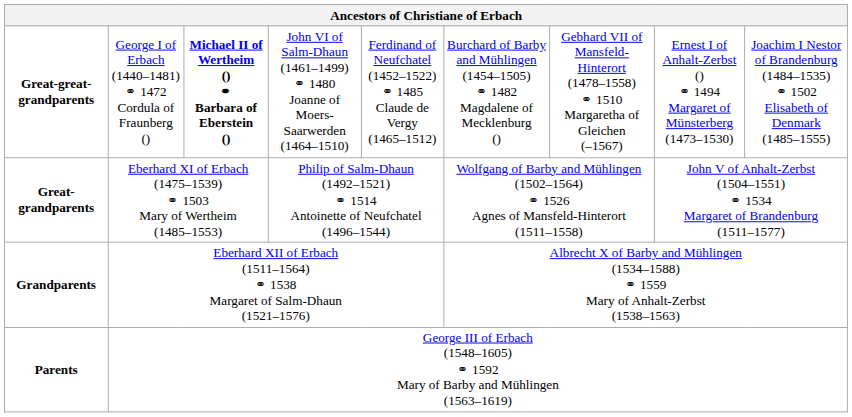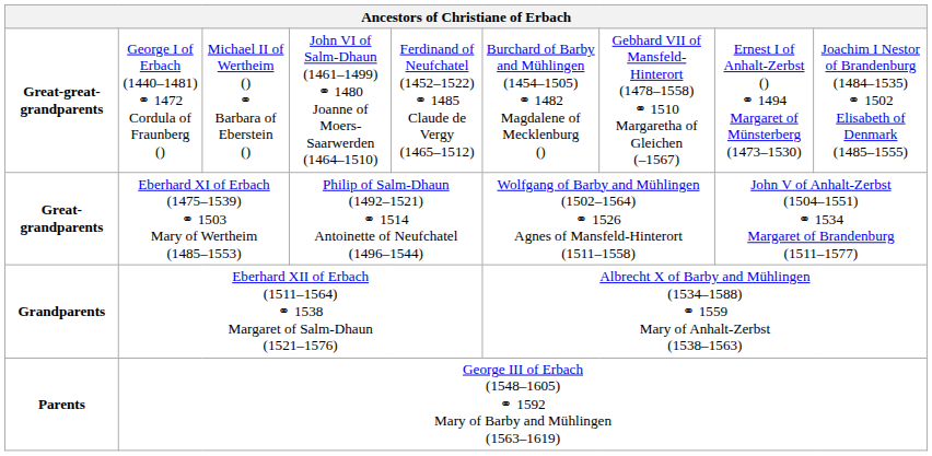 <table class="wikitable" style="background:#FFFFFF; font-size:85%; text-align:center">
 <tr bgcolor="#E0E0E0">
 <th colspan="9">Ancestors of Christiane of Erbach</th>
 </tr>
 <tr>
 <td><strong>Great-great-grandparents</strong></td>
 <td colspan="1"><a href='#'>George I of Erbach</a><br>(1440–1481)<br>⚭ 1472<br>Cordula of Fraunberg<br>()</td>
-<td colspan="1"><strong><a href='#'>Michael II of Wertheim</a><br>()<br>⚭ <br>Barbara of Eberstein<br>()</strong></td>
+<td colspan="1"><a href='#'>Michael II of Wertheim</a><br>()<br>⚭ <br>Barbara of Eberstein<br>()</td>
 <td colspan="1"><a href='#'>John VI of Salm-Dhaun</a><br>(1461–1499)<br>⚭ 1480<br>Joanne of Moers-Saarwerden<br>(1464–1510)</td>
 <td colspan="1"><a href='#'>Ferdinand of Neufchatel</a><br>(1452–1522)<br>⚭ 1485<br>Claude de Vergy<br>(1465–1512)</td>
 <td colspan="1"><a href='#'>Burchard of Barby and Mühlingen</a><br>(1454–1505)<br>⚭ 1482<br>Magdalene of Mecklenburg<br>()</td>
 <td colspan="1"><a href='#'>Gebhard VII of Mansfeld-Hinterort</a><br>(1478–1558)<br>⚭ 1510<br>Margaretha of Gleichen<br>(–1567)</td>
 <td colspan="1"><a href='#'>Ernest I of Anhalt-Zerbst</a><br>()<br>⚭ 1494<br><a href='#'>Margaret of Münsterberg</a><br>(1473–1530)</td>
 <td colspan="1"><a href='#'>Joachim I Nestor of Brandenburg</a><br>(1484–1535)<br>⚭ 1502<br><a href='#'>Elisabeth of Denmark</a><br>(1485–1555)</td>
 </tr>
 <tr>
 <td><strong>Great-grandparents</strong></td>
 <td colspan="2"><a href='#'>Eberhard XI of Erbach</a><br>(1475–1539)<br>⚭ 1503<br>Mary of Wertheim<br>(1485–1553)</td>
 <td colspan="2"><a href='#'>Philip of Salm-Dhaun</a><br>(1492–1521)<br>⚭ 1514<br>Antoinette of Neufchatel<br>(1496–1544)</td>
 <td colspan="2"><a href='#'>Wolfgang of Barby and Mühlingen</a><br>(1502–1564)<br>⚭ 1526<br>Agnes of Mansfeld-Hinterort<br>(1511–1558)</td>
 <td colspan="2"><a href='#'>John V of Anhalt-Zerbst</a><br>(1504–1551)<br>⚭ 1534<br><a href='#'>Margaret of Brandenburg</a><br>(1511–1577)</td>
 </tr>
 <tr>
 <td><strong>Grandparents</strong></td>
 <td colspan="4"><a href='#'>Eberhard XII of Erbach</a><br>(1511–1564)<br>⚭ 1538<br>Margaret of Salm-Dhaun<br>(1521–1576)</td>
 <td colspan="4"><a href='#'>Albrecht X of Barby and Mühlingen</a><br>(1534–1588)<br>⚭ 1559<br>Mary of Anhalt-Zerbst<br>(1538–1563)</td>
 </tr>
 <tr>
 <td><strong>Parents</strong></td>
 <td colspan="8"><a href='#'>George III of Erbach</a><br>(1548–1605)<br>⚭ 1592<br>Mary of Barby and Mühlingen<br>(1563–1619)</td>
 </tr>
 </table>
